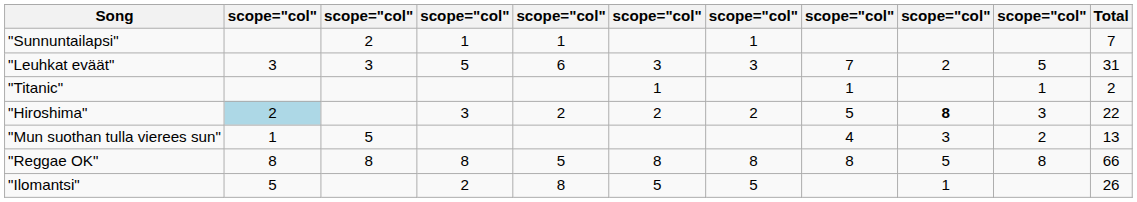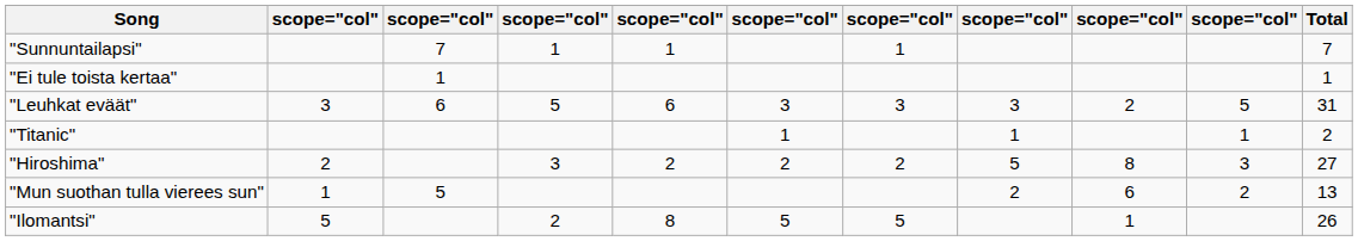 <table class="wikitable plainrowheaders" style="margin: 1em auto 1em auto; text-align:center;">
 <tr>
 </tr>
 <tr>
 <th scope="col">Song</th>
 <th>scope="col" </th>
 <th>scope="col" </th>
 <th>scope="col" </th>
 <th>scope="col" </th>
 <th>scope="col" </th>
 <th>scope="col" </th>
 <th>scope="col" </th>
 <th>scope="col" </th>
 <th>scope="col" </th>
 <th scope="col">Total</th>
 </tr>
 <tr --->
 <td align="left">"Sunnuntailapsi"</td>
 <td></td>
-<td>2</td>
+<td>7</td>
 <td>1</td>
 <td>1</td>
 <td></td>
 <td>1</td>
 <td></td>
 <td></td>
 <td></td>
 <td>7</td>
 </tr>
 <tr --->
+<td align="left">"Ei tule toista kertaa"</td>
+<td></td>
+<td>1</td>
+<td></td>
+<td></td>
+<td></td>
+<td></td>
+<td></td>
+<td></td>
+<td></td>
+<td>1</td>
+</tr>
+<tr --->
 <td align="left">"Leuhkat eväät"</td>
 <td>3</td>
-<td>3</td>
+<td>6</td>
 <td>5</td>
 <td>6</td>
 <td>3</td>
 <td>3</td>
-<td>7</td>
+<td>3</td>
 <td>2</td>
 <td>5</td>
 <td>31</td>
 </tr>
 <tr --->
 <td align="left">"Titanic"</td>
 <td></td>
 <td></td>
 <td></td>
 <td></td>
 <td>1</td>
 <td></td>
 <td>1</td>
 <td></td>
 <td>1</td>
 <td>2</td>
 </tr>
 <tr --->
 <td align="left">"Hiroshima"</td>
-<td style="background: lightblue;">2</td>
+<td>2</td>
 <td></td>
 <td>3</td>
 <td>2</td>
 <td>2</td>
 <td>2</td>
 <td>5</td>
-<td><strong>8</strong></td>
+<td>8</td>
 <td>3</td>
-<td>22</td>
+<td>27</td>
 </tr>
 <tr --->
 <td align="left">"Mun suothan tulla vierees sun"</td>
 <td>1</td>
 <td>5</td>
 <td></td>
 <td></td>
 <td></td>
 <td></td>
-<td>4</td>
-<td>3</td>
+<td>2</td>
+<td>6</td>
 <td>2</td>
 <td>13</td>
-</tr>
-<tr --->
-<td align="left">"Reggae OK"</td>
-<td>8</td>
-<td>8</td>
-<td>8</td>
-<td>5</td>
-<td>8</td>
-<td>8</td>
-<td>8</td>
-<td>5</td>
-<td>8</td>
-<td>66</td>
 </tr>
 <tr --->
 <td align="left">"Ilomantsi"</td>
 <td>5</td>
 <td></td>
 <td>2</td>
 <td>8</td>
 <td>5</td>
 <td>5</td>
 <td></td>
 <td>1</td>
 <td></td>
 <td>26</td>
 </tr>
 </table>
